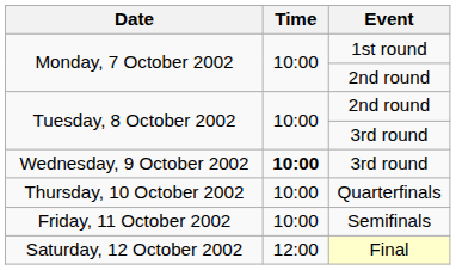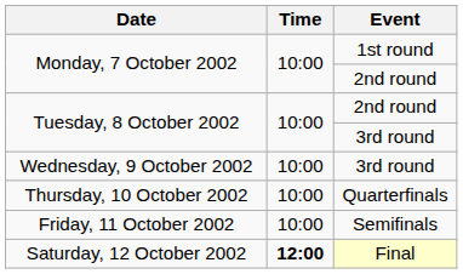 <table class = "wikitable" style="text-align:center;">
 <tr>
 <th width=220>Date</th>
 <th width=50>Time</th>
 <th width=100>Event</th>
 </tr>
 <tr>
 <td rowspan=2>Monday, 7 October 2002</td>
 <td rowspan=2>10:00</td>
 <td>1st round</td>
 </tr>
 <tr>
 <td>2nd round</td>
 </tr>
 <tr>
 <td rowspan=2>Tuesday, 8 October 2002</td>
 <td rowspan=2>10:00</td>
 <td>2nd round</td>
 </tr>
 <tr>
 <td>3rd round</td>
 </tr>
 <tr>
 <td>Wednesday, 9 October 2002</td>
-<td><strong>10:00</strong></td>
+<td>10:00</td>
 <td>3rd round</td>
 </tr>
 <tr>
 <td>Thursday, 10 October 2002</td>
 <td>10:00</td>
 <td>Quarterfinals</td>
 </tr>
 <tr>
 <td>Friday, 11 October 2002</td>
 <td>10:00</td>
 <td>Semifinals</td>
 </tr>
 <tr>
 <td>Saturday, 12 October 2002</td>
-<td>12:00</td>
+<td><strong>12:00</strong></td>
 <td bgcolor=ffffcc>Final</td>
 </tr>
 </table>
